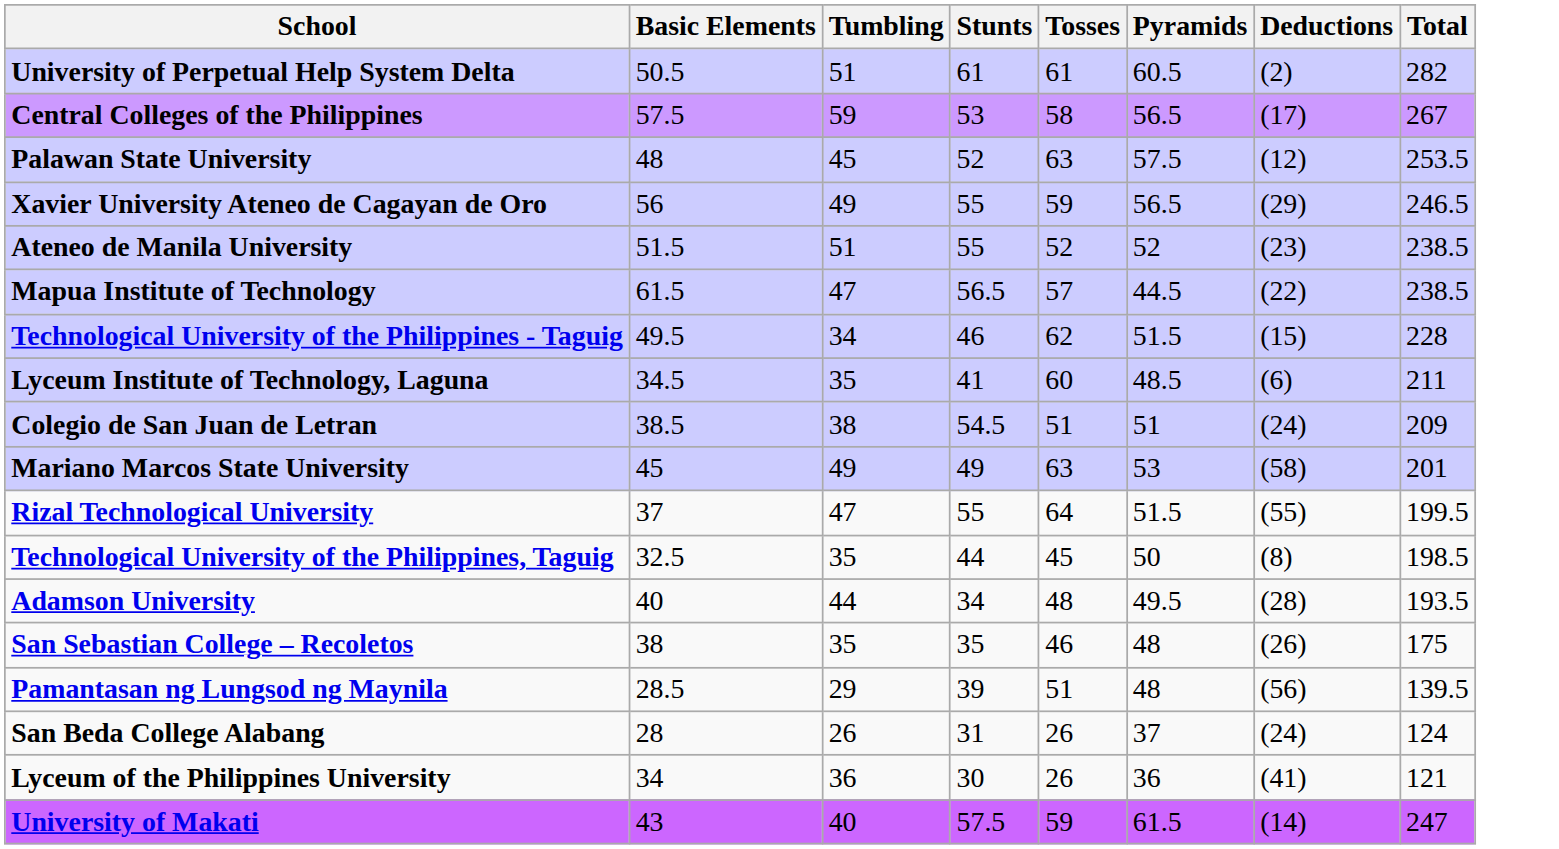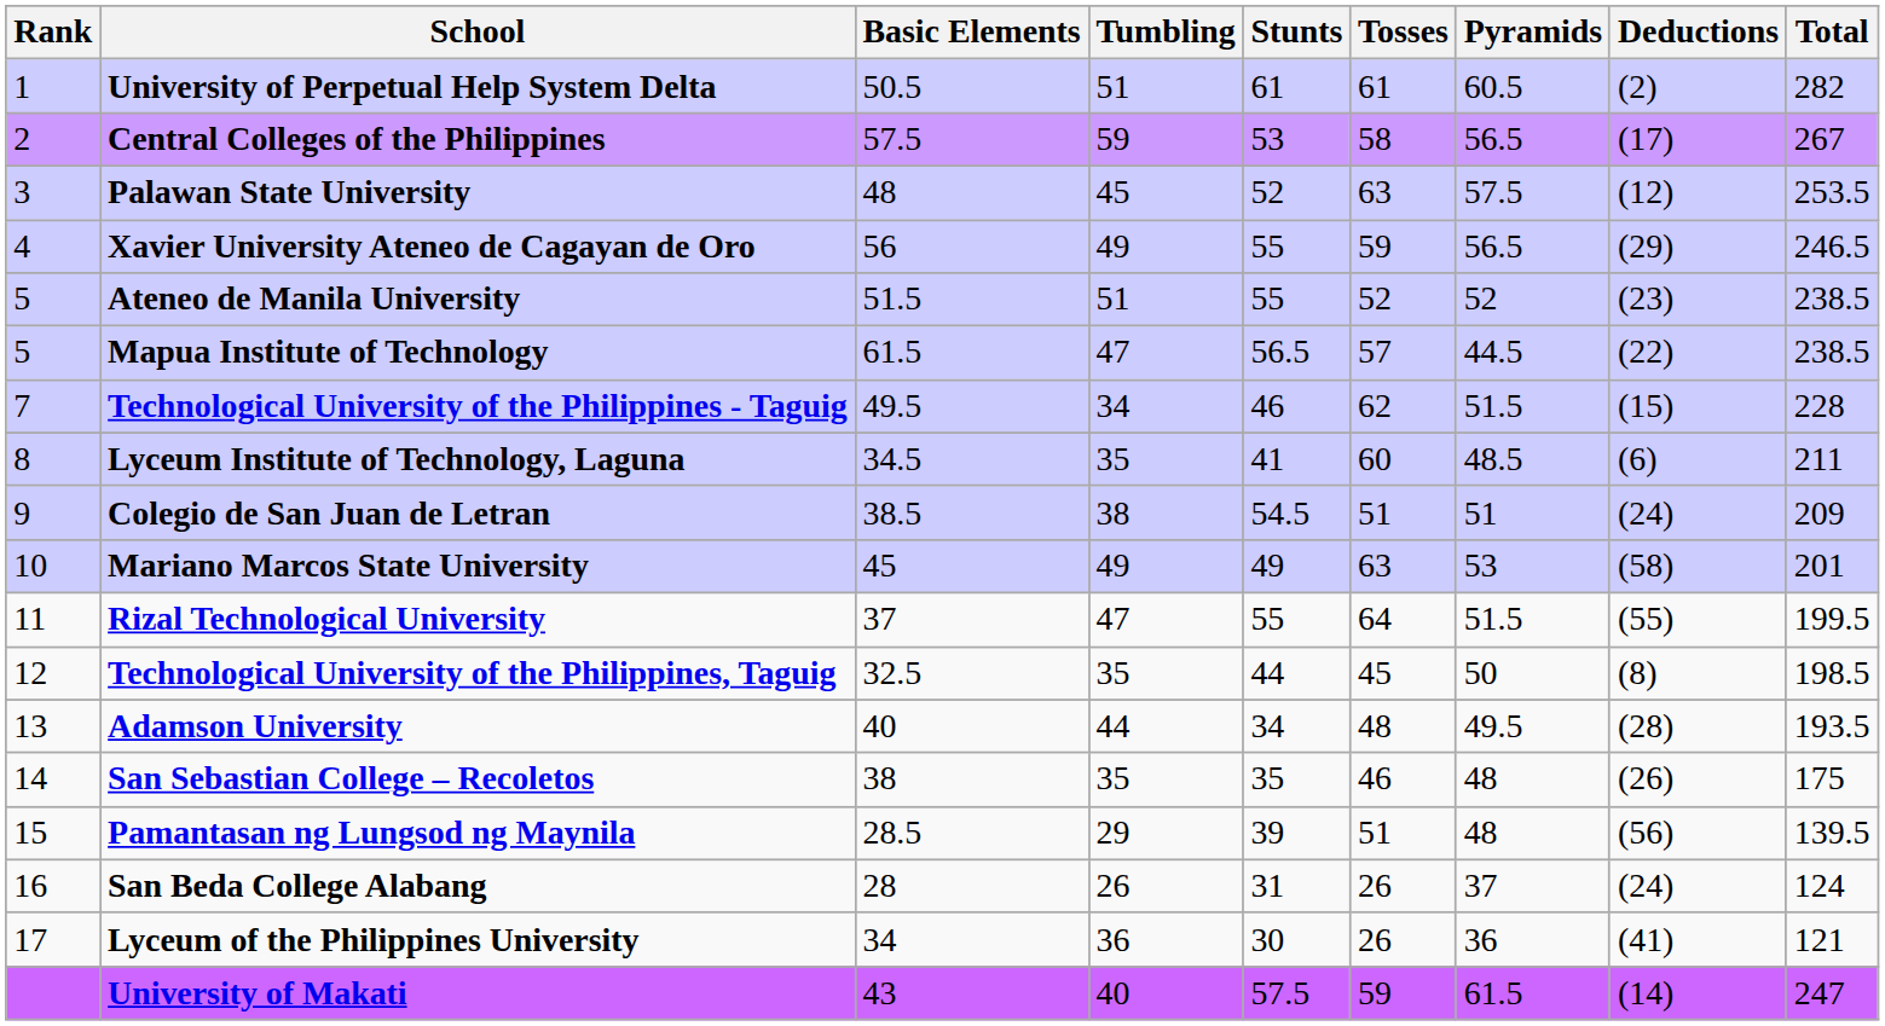 <table class="wikitable" style="text align: center">
 <tr>
+<th>Rank</th>
 <th>School</th>
 <th>Basic Elements</th>
 <th>Tumbling</th>
 <th>Stunts</th>
 <th>Tosses</th>
 <th>Pyramids</th>
 <th>Deductions</th>
 <th>Total</th>
 </tr>
 <tr bgcolor="CCCCFF">
+<td>1</td>
 <td><strong>University of Perpetual Help System Delta</strong></td>
 <td>50.5</td>
 <td>51</td>
 <td>61</td>
 <td>61</td>
 <td>60.5</td>
 <td>(2)</td>
 <td>282</td>
 </tr>
 <tr bgcolor="CC99FF">
+<td>2</td>
 <td><strong>Central Colleges of the Philippines</strong></td>
 <td>57.5</td>
 <td>59</td>
 <td>53</td>
 <td>58</td>
 <td>56.5</td>
 <td>(17)</td>
 <td>267</td>
 </tr>
 <tr bgcolor="CCCCFF">
+<td>3</td>
 <td><strong>Palawan State University</strong></td>
 <td>48</td>
 <td>45</td>
 <td>52</td>
 <td>63</td>
 <td>57.5</td>
 <td>(12)</td>
 <td>253.5</td>
 </tr>
 <tr bgcolor="CCCCFF">
+<td>4</td>
 <td><strong>Xavier University Ateneo de Cagayan de Oro</strong></td>
 <td>56</td>
 <td>49</td>
 <td>55</td>
 <td>59</td>
 <td>56.5</td>
 <td>(29)</td>
 <td>246.5</td>
 </tr>
 <tr bgcolor="CCCCFF">
+<td>5</td>
 <td><strong>Ateneo de Manila University</strong></td>
 <td>51.5</td>
 <td>51</td>
 <td>55</td>
 <td>52</td>
 <td>52</td>
 <td>(23)</td>
 <td>238.5</td>
 </tr>
 <tr bgcolor="CCCCFF">
+<td>5</td>
 <td><strong>Mapua Institute of Technology</strong></td>
 <td>61.5</td>
 <td>47</td>
 <td>56.5</td>
 <td>57</td>
 <td>44.5</td>
 <td>(22)</td>
 <td>238.5</td>
 </tr>
 <tr bgcolor="CCCCFF">
+<td>7</td>
 <td><strong><a href='#'>Technological University of the Philippines - Taguig</a></strong></td>
 <td>49.5</td>
 <td>34</td>
 <td>46</td>
 <td>62</td>
 <td>51.5</td>
 <td>(15)</td>
 <td>228</td>
 </tr>
 <tr bgcolor="CCCCFF">
+<td>8</td>
 <td><strong>Lyceum Institute of Technology, Laguna</strong></td>
 <td>34.5</td>
 <td>35</td>
 <td>41</td>
 <td>60</td>
 <td>48.5</td>
 <td>(6)</td>
 <td>211</td>
 </tr>
 <tr bgcolor="CCCCFF">
+<td>9</td>
 <td><strong>Colegio de San Juan de Letran</strong></td>
 <td>38.5</td>
 <td>38</td>
 <td>54.5</td>
 <td>51</td>
 <td>51</td>
 <td>(24)</td>
 <td>209</td>
 </tr>
 <tr bgcolor="CCCCFF">
+<td>10</td>
 <td><strong>Mariano Marcos State University</strong></td>
 <td>45</td>
 <td>49</td>
 <td>49</td>
 <td>63</td>
 <td>53</td>
 <td>(58)</td>
 <td>201</td>
 </tr>
 <tr>
+<td>11</td>
 <td><strong><a href='#'>Rizal Technological University</a></strong></td>
 <td>37</td>
 <td>47</td>
 <td>55</td>
 <td>64</td>
 <td>51.5</td>
 <td>(55)</td>
 <td>199.5</td>
 </tr>
 <tr>
+<td>12</td>
 <td><strong><a href='#'>Technological University of the Philippines, Taguig</a></strong></td>
 <td>32.5</td>
 <td>35</td>
 <td>44</td>
 <td>45</td>
 <td>50</td>
 <td>(8)</td>
 <td>198.5</td>
 </tr>
 <tr>
+<td>13</td>
 <td><strong><a href='#'>Adamson University</a></strong></td>
 <td>40</td>
 <td>44</td>
 <td>34</td>
 <td>48</td>
 <td>49.5</td>
 <td>(28)</td>
 <td>193.5</td>
 </tr>
 <tr>
+<td>14</td>
 <td><strong><a href='#'>San Sebastian College – Recoletos</a></strong></td>
 <td>38</td>
 <td>35</td>
 <td>35</td>
 <td>46</td>
 <td>48</td>
 <td>(26)</td>
 <td>175</td>
 </tr>
 <tr>
+<td>15</td>
 <td><strong><a href='#'>Pamantasan ng Lungsod ng Maynila</a></strong></td>
 <td>28.5</td>
 <td>29</td>
 <td>39</td>
 <td>51</td>
 <td>48</td>
 <td>(56)</td>
 <td>139.5</td>
 </tr>
 <tr>
+<td>16</td>
 <td><strong>San Beda College Alabang</strong></td>
 <td>28</td>
 <td>26</td>
 <td>31</td>
 <td>26</td>
 <td>37</td>
 <td>(24)</td>
 <td>124</td>
 </tr>
 <tr>
+<td>17</td>
 <td><strong>Lyceum of the Philippines University</strong></td>
 <td>34</td>
 <td>36</td>
 <td>30</td>
 <td>26</td>
 <td>36</td>
 <td>(41)</td>
 <td>121</td>
 </tr>
 <tr bgcolor="CC66FF">
+<td></td>
 <td><strong><a href='#'>University of Makati</a></strong></td>
 <td>43</td>
 <td>40</td>
 <td>57.5</td>
 <td>59</td>
 <td>61.5</td>
 <td>(14)</td>
 <td>247</td>
 </tr>
 </table>
